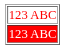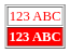 <table border="1" style="margin:1em auto;">
 <tr size="40">
 <td style="text-align:center; background:white; font-size:14pt; color:red;">123 ABC</td>
 </tr>
 <tr>
-<td style="text-align:center; background:red; font-size:14pt; color:white;">123 ABC</td>
+<td style="text-align:center; background:red; font-size:14pt; color:white;"><strong>123 ABC</strong></td>
 </tr>
 </table>
